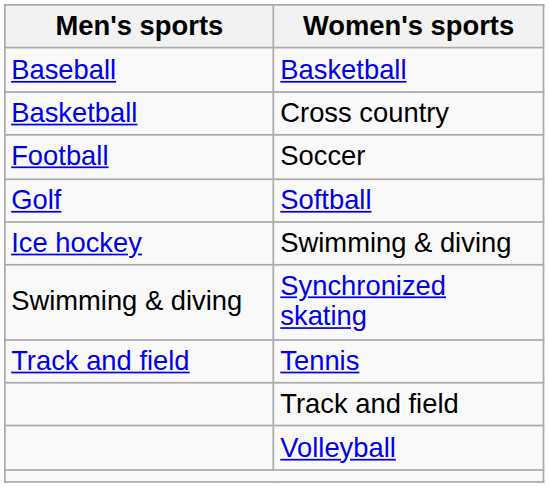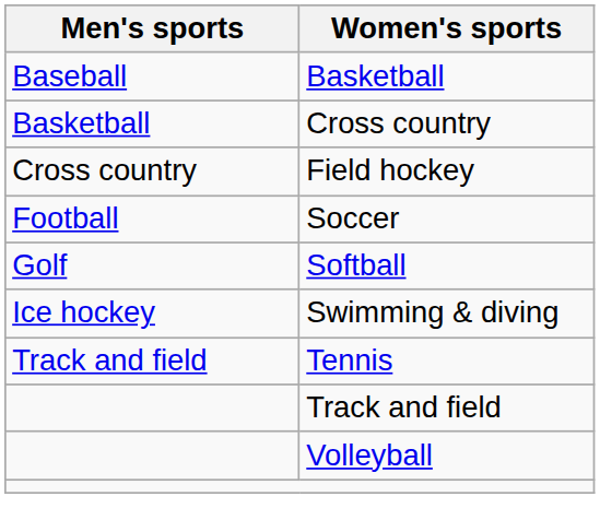 <table class="wikitable" style=" ">
 <tr>
 <th width=150px>Men's sports</th>
 <th width=150px>Women's sports</th>
 </tr>
 <tr>
 <td><a href='#'>Baseball</a></td>
 <td><a href='#'>Basketball</a></td>
 </tr>
 <tr>
 <td><a href='#'>Basketball</a></td>
 <td>Cross country</td>
 </tr>
 <tr>
+<td>Cross country</td>
+<td>Field hockey</td>
+</tr>
+<tr>
 <td><a href='#'>Football</a></td>
 <td>Soccer</td>
 </tr>
 <tr>
 <td><a href='#'>Golf</a></td>
 <td><a href='#'>Softball</a></td>
 </tr>
 <tr>
 <td><a href='#'>Ice hockey</a></td>
 <td>Swimming & diving</td>
-</tr>
-<tr>
-<td>Swimming & diving</td>
-<td><a href='#'>Synchronized skating</a></td>
 </tr>
 <tr>
 <td><a href='#'>Track and field</a></td>
 <td><a href='#'>Tennis</a></td>
 </tr>
 <tr>
 <td></td>
 <td>Track and field</td>
 </tr>
 <tr>
 <td></td>
 <td><a href='#'>Volleyball</a></td>
 </tr>
 <tr>
 <td colspan="2"></td>
 </tr>
 </table>
